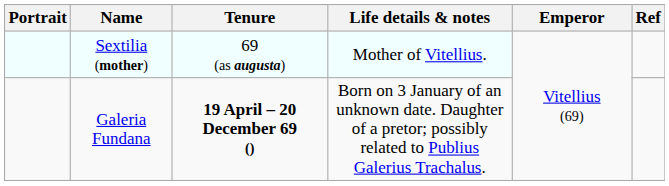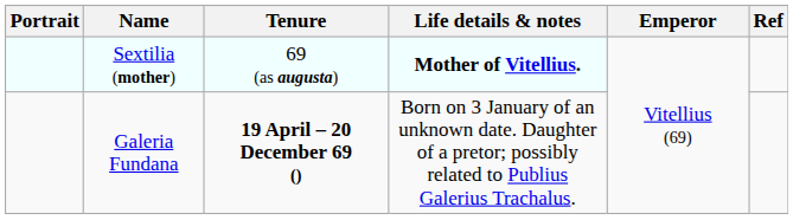 <table class="wikitable" style="width:100%; text-align:center;">
 <tr>
 <th width="7%">Portrait</th>
 <th width="16%">Name</th>
 <th width="25%">Tenure</th>
 <th width="30%">Life details & notes</th>
 <th width="19%">Emperor</th>
 <th width="3%">Ref</th>
 </tr>
 <tr>
 <td style="background:#F0FFFF;"></td>
 <td style="background:#F0FFFF;"><a href='#'>Sextilia</a><br><small>(<strong>mother</strong>)</small></td>
 <td style="background:#F0FFFF;">69<br><small>(as <strong><em>augusta</em></strong>)</small></td>
-<td style="background:#F0FFFF;">Mother of <a href='#'>Vitellius</a>.</td>
+<td style="background:#F0FFFF;"><strong>Mother of <a href='#'>Vitellius</a>.</strong></td>
 <td rowspan="2"><a href='#'>Vitellius</a><br><small>(69)</small></td>
 <td></td>
 </tr>
 <tr>
 <td></td>
 <td><a href='#'>Galeria Fundana</a></td>
 <td><strong>19 April – 20 December 69<br><small>()</small></strong></td>
 <td>Born on 3 January of an unknown date. Daughter of a pretor; possibly related to <a href='#'>Publius Galerius Trachalus</a>.</td>
 <td></td>
 </tr>
 </table>
